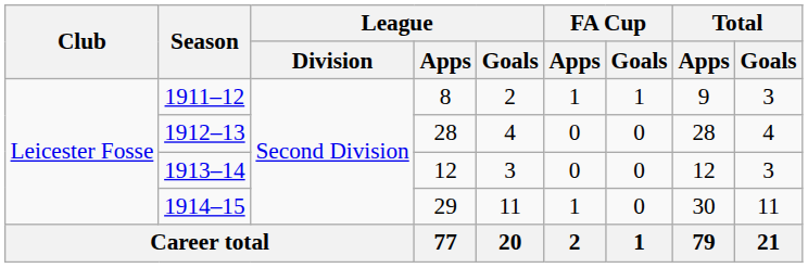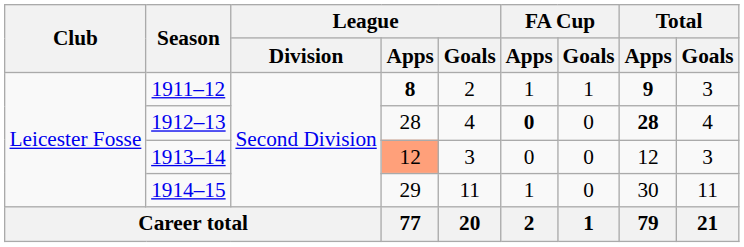 <table class="wikitable" style="text-align: center;">
 <tr>
 <th rowspan="2">Club</th>
 <th rowspan="2">Season</th>
 <th colspan="3">League</th>
 <th colspan="2">FA Cup</th>
 <th colspan="2">Total</th>
 </tr>
 <tr>
 <th>Division</th>
 <th>Apps</th>
 <th>Goals</th>
 <th>Apps</th>
 <th>Goals</th>
 <th>Apps</th>
 <th>Goals</th>
 </tr>
 <tr>
 <td rowspan="4"><a href='#'>Leicester Fosse</a></td>
 <td><a href='#'>1911–12</a></td>
 <td rowspan="4"><a href='#'>Second Division</a></td>
-<td>8</td>
+<td><strong>8</strong></td>
 <td>2</td>
 <td>1</td>
 <td>1</td>
-<td>9</td>
+<td><strong>9</strong></td>
 <td>3</td>
 </tr>
 <tr>
 <td><a href='#'>1912–13</a></td>
 <td>28</td>
 <td>4</td>
+<td><strong>0</strong></td>
 <td>0</td>
-<td>0</td>
-<td>28</td>
+<td><strong>28</strong></td>
 <td>4</td>
 </tr>
 <tr>
 <td><a href='#'>1913–14</a></td>
-<td>12</td>
+<td style="background: lightsalmon;">12</td>
 <td>3</td>
 <td>0</td>
 <td>0</td>
 <td>12</td>
 <td>3</td>
 </tr>
 <tr>
 <td><a href='#'>1914–15</a></td>
 <td>29</td>
 <td>11</td>
 <td>1</td>
 <td>0</td>
 <td>30</td>
 <td>11</td>
 </tr>
 <tr>
 <th colspan="3">Career total</th>
 <th>77</th>
 <th>20</th>
 <th>2</th>
 <th>1</th>
 <th>79</th>
 <th>21</th>
 </tr>
 </table>
